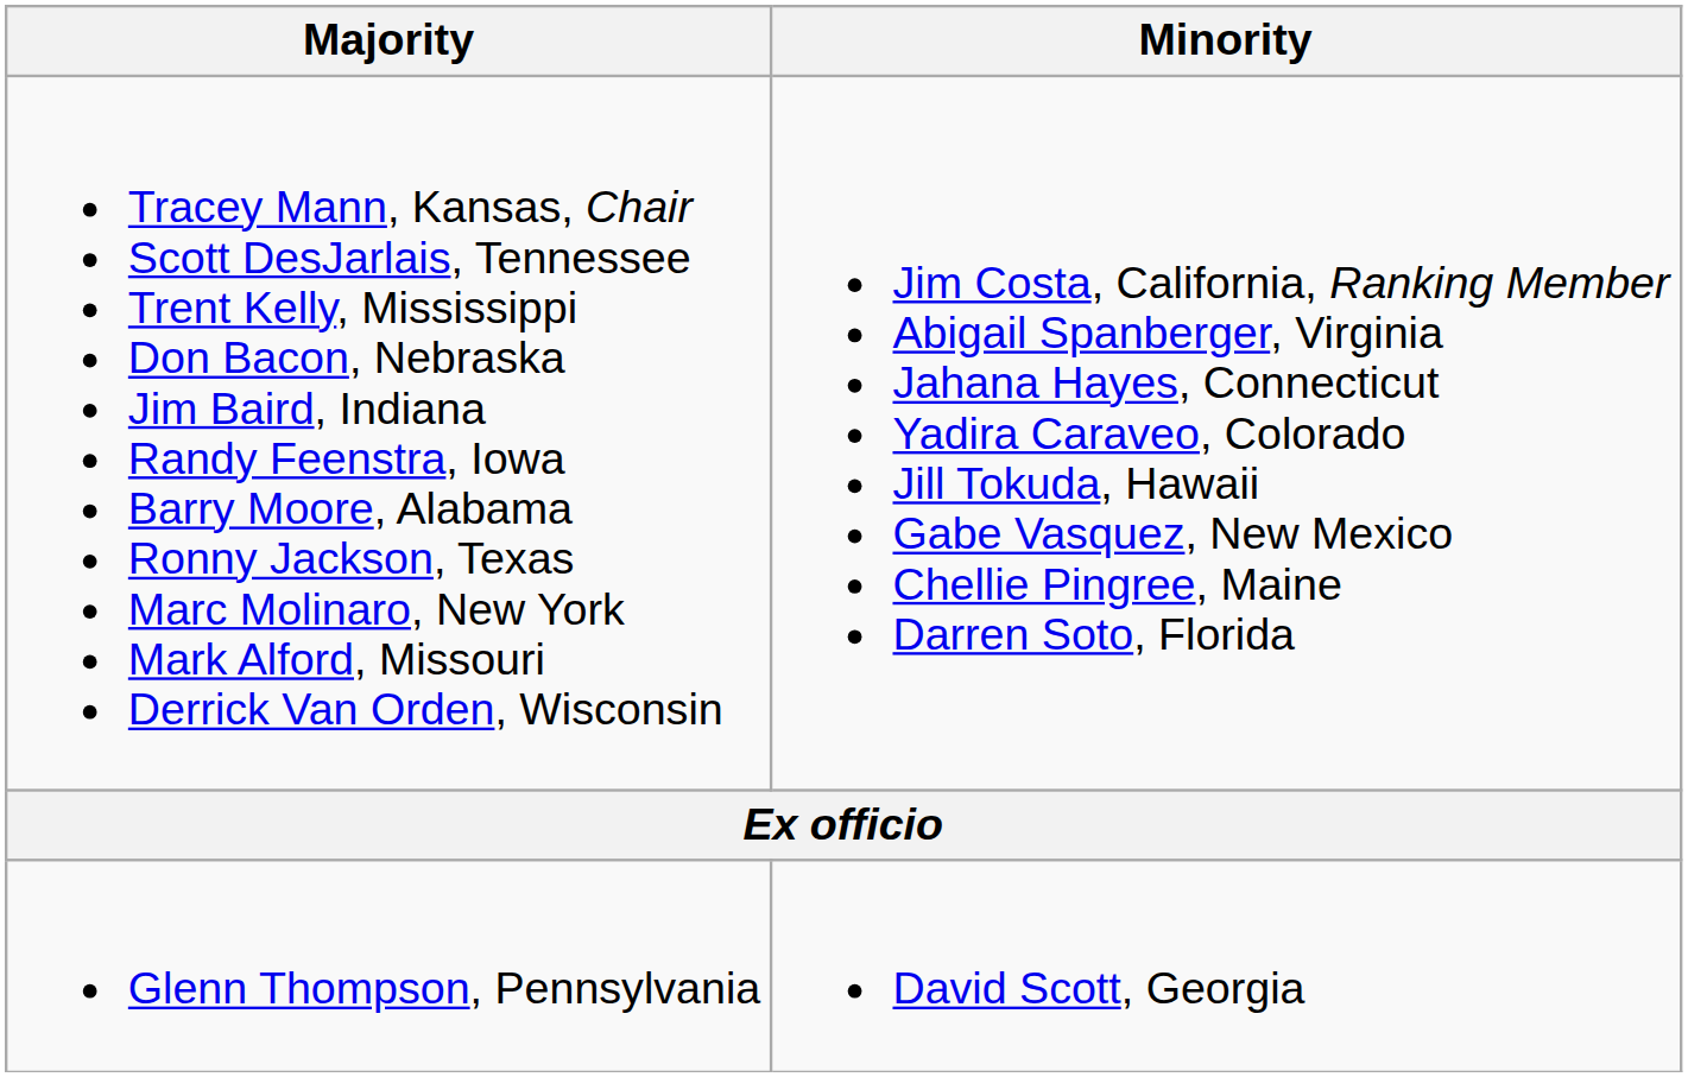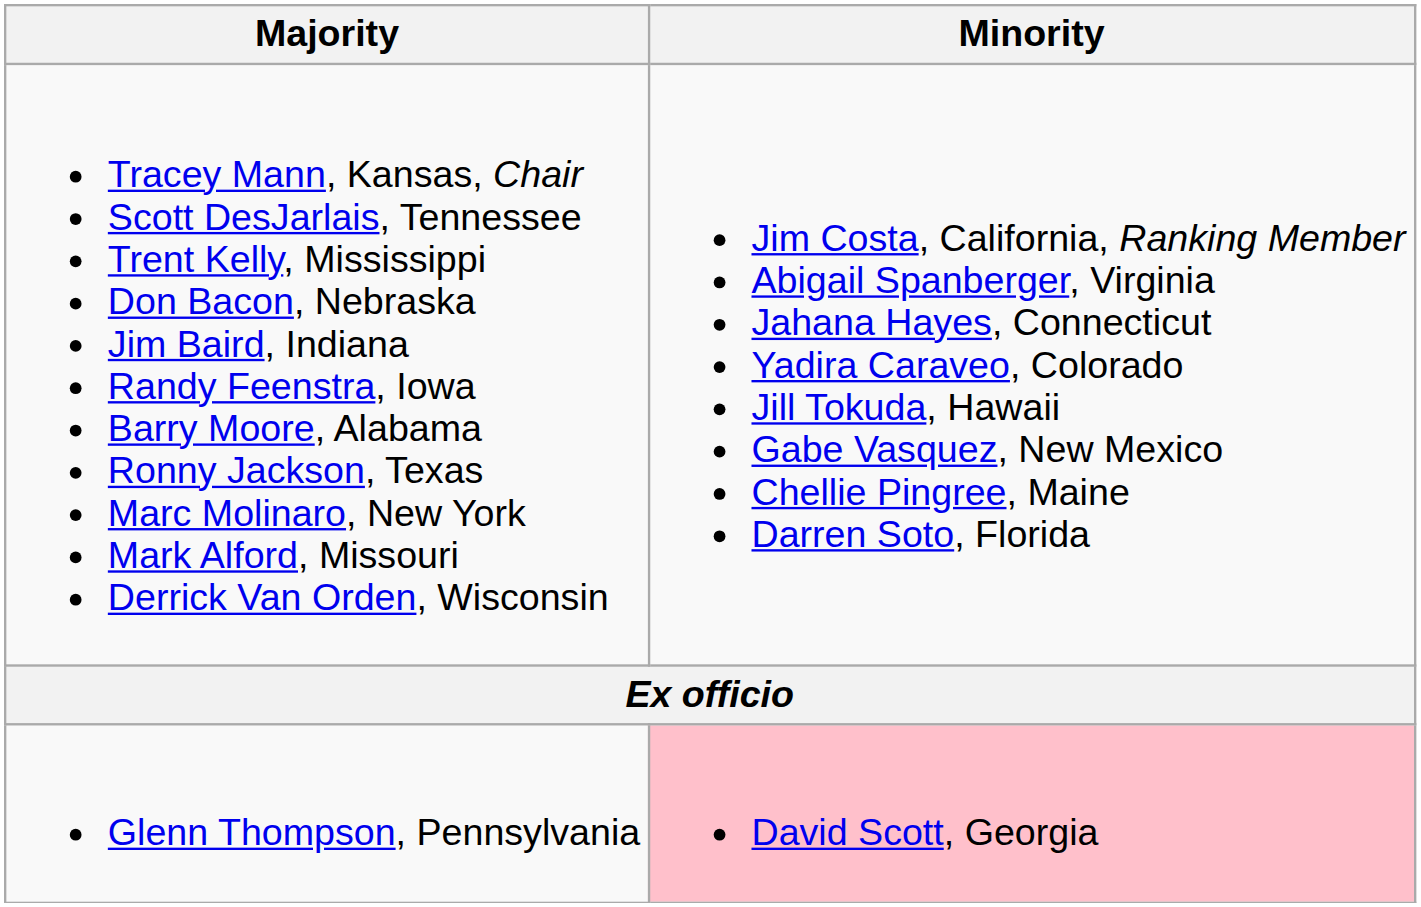 <table class=wikitable>
 <tr>
 <th>Majority</th>
 <th>Minority</th>
 </tr>
 <tr>
 <td><br><ul><li><a href='#'>Tracey Mann</a>, Kansas, <em>Chair</em></li><li><a href='#'>Scott DesJarlais</a>, Tennessee</li><li><a href='#'>Trent Kelly</a>, Mississippi</li><li><a href='#'>Don Bacon</a>, Nebraska</li><li><a href='#'>Jim Baird</a>, Indiana</li><li><a href='#'>Randy Feenstra</a>, Iowa</li><li><a href='#'>Barry Moore</a>, Alabama</li><li><a href='#'>Ronny Jackson</a>, Texas</li><li><a href='#'>Marc Molinaro</a>, New York</li><li><a href='#'>Mark Alford</a>, Missouri</li><li><a href='#'>Derrick Van Orden</a>, Wisconsin</li></ul></td>
 <td><br><ul><li><a href='#'>Jim Costa</a>, California, <em>Ranking Member</em></li><li><a href='#'>Abigail Spanberger</a>, Virginia</li><li><a href='#'>Jahana Hayes</a>, Connecticut</li><li><a href='#'>Yadira Caraveo</a>, Colorado</li><li><a href='#'>Jill Tokuda</a>, Hawaii</li><li><a href='#'>Gabe Vasquez</a>, New Mexico</li><li><a href='#'>Chellie Pingree</a>, Maine</li><li><a href='#'>Darren Soto</a>, Florida</li></ul></td>
 </tr>
 <tr>
 <th colspan=2><em>Ex officio</em></th>
 </tr>
 <tr>
 <td><br><ul><li><a href='#'>Glenn Thompson</a>, Pennsylvania</li></ul></td>
-<td><br><ul><li><a href='#'>David Scott</a>, Georgia</li></ul></td>
+<td style="background: pink;"><br><ul><li><a href='#'>David Scott</a>, Georgia</li></ul></td>
 </tr>
 </table>
